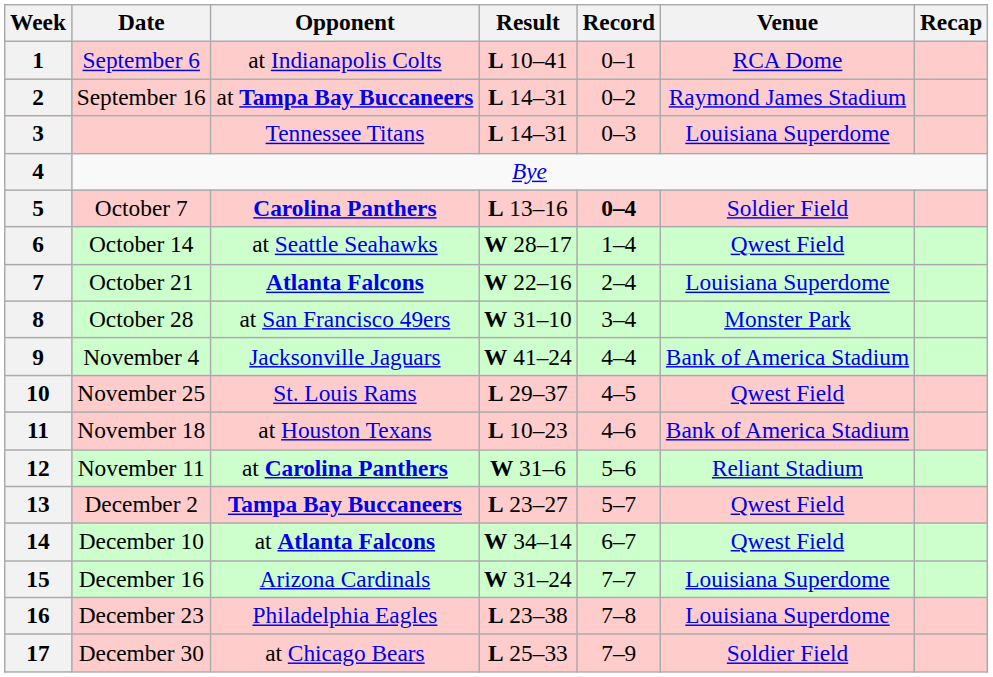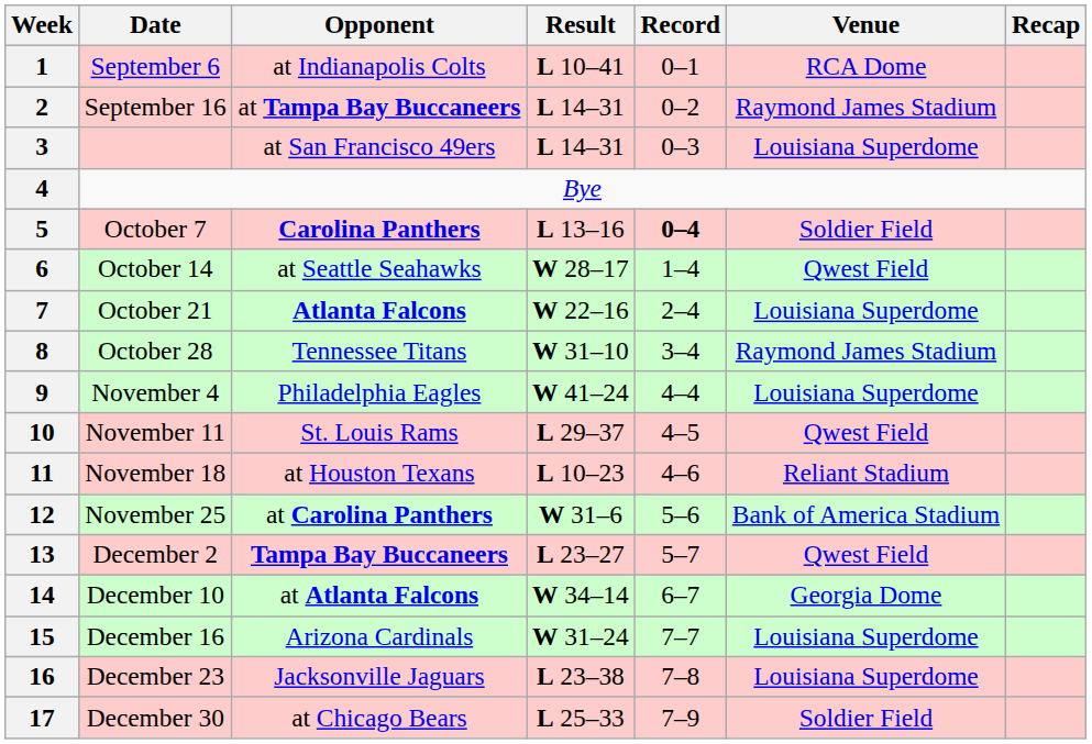 <table class="wikitable" style="text-align:center">
 <tr>
 <th>Week</th>
 <th>Date</th>
 <th>Opponent</th>
 <th>Result</th>
 <th>Record</th>
 <th>Venue</th>
 <th>Recap</th>
 </tr>
 <tr style="background:#fcc;">
 <th>1</th>
 <td><a href='#'>September 6</a></td>
 <td>at <a href='#'>Indianapolis Colts</a></td>
 <td><strong>L</strong> 10–41</td>
 <td>0–1</td>
 <td><a href='#'>RCA Dome</a></td>
 <td></td>
 </tr>
 <tr style="background:#fcc;">
 <th>2</th>
 <td>September 16</td>
 <td>at <strong><a href='#'>Tampa Bay Buccaneers</a></strong></td>
 <td><strong>L</strong> 14–31</td>
 <td>0–2</td>
 <td><a href='#'>Raymond James Stadium</a></td>
 <td></td>
 </tr>
 <tr style="background:#fcc;">
 <th>3</th>
 <td></td>
-<td><a href='#'>Tennessee Titans</a></td>
+<td>at <a href='#'>San Francisco 49ers</a></td>
 <td><strong>L</strong> 14–31</td>
 <td>0–3</td>
 <td><a href='#'>Louisiana Superdome</a></td>
 <td></td>
 </tr>
 <tr>
 <th>4</th>
 <td colspan="6" style="text-align:center;"><em><a href='#'>Bye</a></em></td>
 </tr>
 <tr style="background:#fcc;">
 <th>5</th>
 <td>October 7</td>
 <td><strong><a href='#'>Carolina Panthers</a></strong></td>
 <td><strong>L</strong> 13–16</td>
 <td><strong>0–4</strong></td>
 <td><a href='#'>Soldier Field</a></td>
 <td></td>
 </tr>
 <tr style="background:#cfc;">
 <th>6</th>
 <td>October 14</td>
 <td>at <a href='#'>Seattle Seahawks</a></td>
 <td><strong>W</strong> 28–17</td>
 <td>1–4</td>
 <td><a href='#'>Qwest Field</a></td>
 <td></td>
 </tr>
 <tr style="background:#cfc;">
 <th>7</th>
 <td>October 21</td>
 <td><strong><a href='#'>Atlanta Falcons</a></strong></td>
 <td><strong>W</strong> 22–16</td>
 <td>2–4</td>
 <td><a href='#'>Louisiana Superdome</a></td>
 <td></td>
 </tr>
 <tr style="background:#cfc;">
 <th>8</th>
 <td>October 28</td>
-<td>at <a href='#'>San Francisco 49ers</a></td>
+<td><a href='#'>Tennessee Titans</a></td>
 <td><strong>W</strong> 31–10</td>
 <td>3–4</td>
-<td><a href='#'>Monster Park</a></td>
+<td><a href='#'>Raymond James Stadium</a></td>
 <td></td>
 </tr>
 <tr style="background:#cfc;">
 <th>9</th>
 <td>November 4</td>
-<td><a href='#'>Jacksonville Jaguars</a></td>
+<td><a href='#'>Philadelphia Eagles</a></td>
 <td><strong>W</strong> 41–24</td>
 <td>4–4</td>
-<td><a href='#'>Bank of America Stadium</a></td>
+<td><a href='#'>Louisiana Superdome</a></td>
 <td></td>
 </tr>
 <tr style="background:#fcc;">
 <th>10</th>
-<td>November 25</td>
+<td>November 11</td>
 <td><a href='#'>St. Louis Rams</a></td>
 <td><strong>L</strong> 29–37</td>
 <td>4–5</td>
 <td><a href='#'>Qwest Field</a></td>
 <td></td>
 </tr>
 <tr style="background:#fcc;">
 <th>11</th>
 <td>November 18</td>
 <td>at <a href='#'>Houston Texans</a></td>
 <td><strong>L</strong> 10–23</td>
 <td>4–6</td>
-<td><a href='#'>Bank of America Stadium</a></td>
+<td><a href='#'>Reliant Stadium</a></td>
 <td></td>
 </tr>
 <tr style="background:#cfc;">
 <th>12</th>
-<td>November 11</td>
+<td>November 25</td>
 <td>at <strong><a href='#'>Carolina Panthers</a></strong></td>
 <td><strong>W</strong> 31–6</td>
 <td>5–6</td>
-<td><a href='#'>Reliant Stadium</a></td>
+<td><a href='#'>Bank of America Stadium</a></td>
 <td></td>
 </tr>
 <tr style="background:#fcc;">
 <th>13</th>
 <td>December 2</td>
 <td><strong><a href='#'>Tampa Bay Buccaneers</a></strong></td>
 <td><strong>L</strong> 23–27</td>
 <td>5–7</td>
 <td><a href='#'>Qwest Field</a></td>
 <td></td>
 </tr>
 <tr style="background:#cfc;">
 <th>14</th>
 <td>December 10</td>
 <td>at <strong><a href='#'>Atlanta Falcons</a></strong></td>
 <td><strong>W</strong> 34–14</td>
 <td>6–7</td>
-<td><a href='#'>Qwest Field</a></td>
+<td><a href='#'>Georgia Dome</a></td>
 <td></td>
 </tr>
 <tr style="background:#cfc;">
 <th>15</th>
 <td>December 16</td>
 <td><a href='#'>Arizona Cardinals</a></td>
 <td><strong>W</strong> 31–24</td>
 <td>7–7</td>
 <td><a href='#'>Louisiana Superdome</a></td>
 <td></td>
 </tr>
 <tr style="background:#fcc;">
 <th>16</th>
 <td>December 23</td>
-<td><a href='#'>Philadelphia Eagles</a></td>
+<td><a href='#'>Jacksonville Jaguars</a></td>
 <td><strong>L</strong>  23–38</td>
 <td>7–8</td>
 <td><a href='#'>Louisiana Superdome</a></td>
 <td></td>
 </tr>
 <tr style="background:#fcc;">
 <th>17</th>
 <td>December 30</td>
 <td>at <a href='#'>Chicago Bears</a></td>
 <td><strong>L</strong>  25–33</td>
 <td>7–9</td>
 <td><a href='#'>Soldier Field</a></td>
 <td></td>
 </tr>
 </table>
